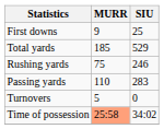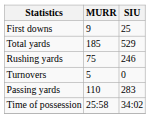 <table class="wikitable" style="float: left;">
 <tr>
 <th>Statistics</th>
 <th>MURR</th>
 <th>SIU</th>
 </tr>
 <tr>
 <td>First downs</td>
 <td>9</td>
 <td>25</td>
 </tr>
 <tr>
 <td>Total yards</td>
 <td>185</td>
 <td>529</td>
 </tr>
 <tr>
 <td>Rushing yards</td>
 <td>75</td>
 <td>246</td>
 </tr>
 <tr>
+<td>Turnovers</td>
+<td>5</td>
+<td>0</td>
+</tr>
+<tr>
 <td>Passing yards</td>
 <td>110</td>
 <td>283</td>
 </tr>
 <tr>
-<td>Turnovers</td>
-<td>5</td>
-<td>0</td>
-</tr>
-<tr>
 <td>Time of possession</td>
-<td style="background: lightsalmon;">25:58</td>
+<td>25:58</td>
 <td>34:02</td>
 </tr>
 <tr>
 </tr>
 </table>
